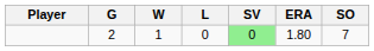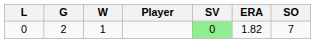 <table class="wikitable sortable">
 <tr>
-<th bgcolor="#DDDDFF" width="16%">Player</th>
+<th bgcolor="#DDDDFF" width="9%">L</th>
 <th bgcolor="#DDDDFF" width="9%">G</th>
 <th bgcolor="#DDDDFF" width="9%">W</th>
-<th bgcolor="#DDDDFF" width="9%">L</th>
+<th bgcolor="#DDDDFF" width="16%">Player</th>
 <th bgcolor="#DDDDFF" width="9%">SV</th>
 <th bgcolor="#DDDDFF" width="9%">ERA</th>
 <th bgcolor="#DDDDFF" width="9%">SO</th>
 </tr>
 <tr align="center">
-<td></td>
+<td>0</td>
 <td>2</td>
 <td>1</td>
-<td>0</td>
+<td></td>
 <td style="background: lightgreen;">0</td>
-<td>1.80</td>
+<td>1.82</td>
 <td>7</td>
 </tr>
 </table>
